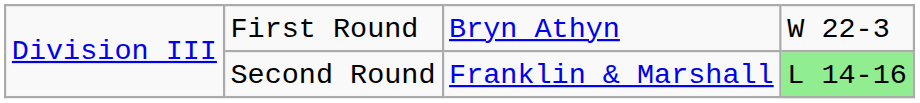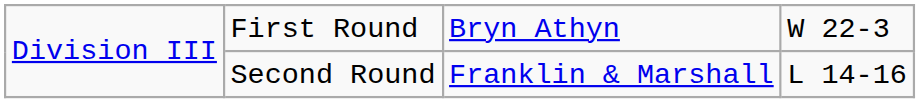 <table class="wikitable">
 <tr>
 <td rowspan="2"><a href='#'>Division III</a></td>
 <td>First Round</td>
 <td><a href='#'>Bryn Athyn</a></td>
 <td>W 22-3</td>
 </tr>
 <tr>
 <td>Second Round</td>
 <td><a href='#'>Franklin & Marshall</a></td>
-<td style="background: lightgreen;">L 14-16</td>
+<td>L 14-16</td>
 </tr>
 </table>
